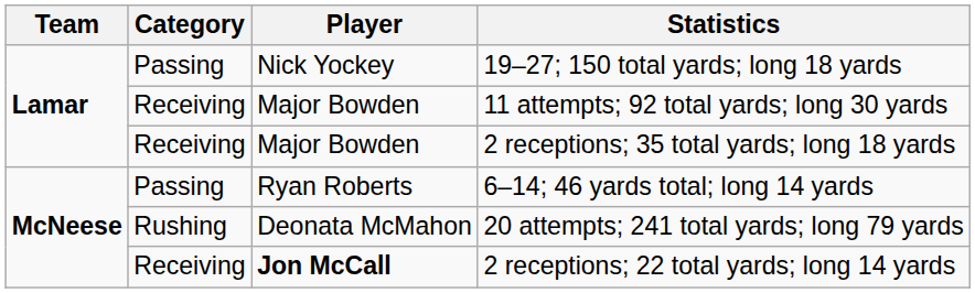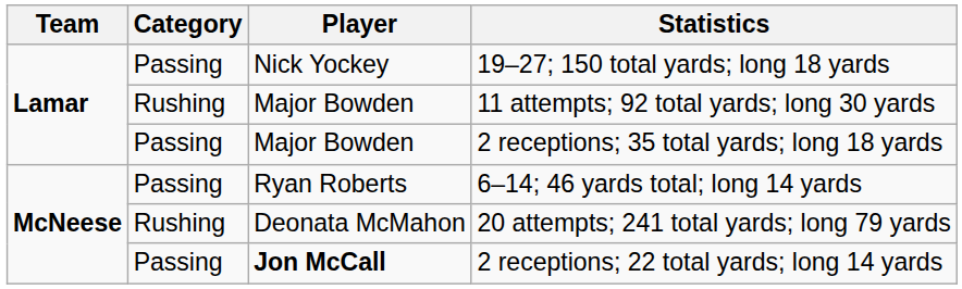 <table class="wikitable" style="float: right;">
 <tr>
 <th>Team</th>
 <th>Category</th>
 <th>Player</th>
 <th>Statistics</th>
 </tr>
 <tr>
 <td rowspan=3><strong>Lamar</strong></td>
 <td>Passing</td>
 <td>Nick Yockey</td>
 <td>19–27; 150 total yards; long 18 yards</td>
 </tr>
 <tr>
-<td>Receiving</td>
+<td>Rushing</td>
 <td>Major Bowden</td>
 <td>11 attempts; 92 total yards; long 30 yards</td>
 </tr>
 <tr>
-<td>Receiving</td>
+<td>Passing</td>
 <td>Major Bowden</td>
 <td>2 receptions; 35 total yards; long 18 yards</td>
 </tr>
 <tr>
 <td rowspan=3><strong>McNeese</strong></td>
 <td>Passing</td>
 <td>Ryan Roberts</td>
 <td>6–14; 46 yards total; long 14 yards</td>
 </tr>
 <tr>
 <td>Rushing</td>
 <td>Deonata McMahon</td>
 <td>20 attempts; 241 total yards; long 79 yards</td>
 </tr>
 <tr>
-<td>Receiving</td>
+<td>Passing</td>
 <td><strong>Jon McCall</strong></td>
 <td>2 receptions; 22 total yards; long 14 yards</td>
 </tr>
 </table>
